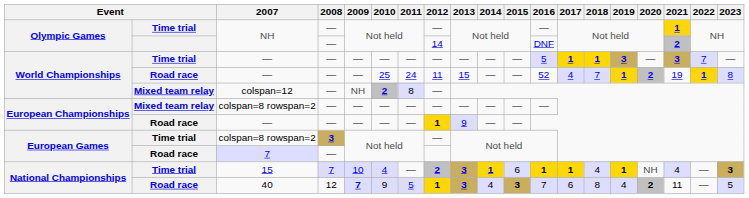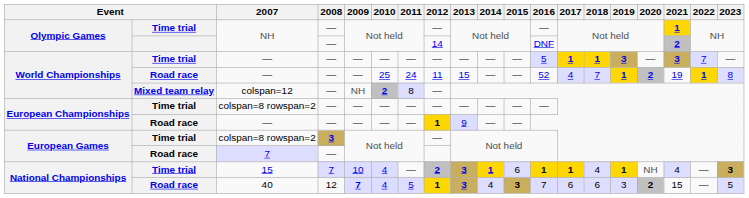 <table class="wikitable plainrowheaders">
 <tr style="background:#EEEEEE;">
 <th scope="col" colspan=2>Event</th>
 <th>2007</th>
 <th>2008</th>
 <th>2009</th>
 <th>2010</th>
 <th>2011</th>
 <th>2012</th>
 <th>2013</th>
 <th>2014</th>
 <th>2015</th>
 <th>2016</th>
 <th>2017</th>
 <th>2018</th>
 <th>2019</th>
 <th>2020</th>
 <th>2021</th>
 <th>2022</th>
 <th>2023</th>
 </tr>
 <tr style="text-align:center;">
 <th scope="row" rowspan=2> <a href='#'>Olympic Games</a></th>
 <th scope="row"><a href='#'>Time trial</a></th>
 <td style="color:#4d4d4d;" rowspan=2>NH</td>
 <td>—</td>
 <td style="color:#4d4d4d;" colspan=3 rowspan=2>Not held</td>
 <td>—</td>
 <td style="color:#4d4d4d;" colspan=3 rowspan=2>Not held</td>
 <td>—</td>
 <td style="color:#4d4d4d;" colspan=4 rowspan=2>Not held</td>
 <td style="background:gold;"><a href='#'><strong>1</strong></a></td>
 <td style="color:#4d4d4d;" colspan=2 rowspan=2>NH</td>
 </tr>
 <tr style="text-align:center;">
 <th scope="row"></th>
 <td>—</td>
 <td><a href='#'>14</a></td>
 <td><a href='#'>DNF</a></td>
 <th style="background:#C0C0C0;"><a href='#'>2</a></th>
 </tr>
 <tr style="text-align:center;">
 <th scope="row" rowspan=3> <a href='#'>World Championships</a></th>
 <th scope="row"><a href='#'>Time trial</a></th>
 <td>—</td>
 <td>—</td>
 <td>—</td>
 <td>—</td>
 <td>—</td>
 <td>—</td>
 <td>—</td>
 <td>—</td>
 <td>—</td>
 <td style="background:#ddf;"><a href='#'>5</a></td>
 <th style="background:gold;"><a href='#'>1</a></th>
 <th style="background:gold;"><a href='#'>1</a></th>
 <th style="background:#C9AE5D;"><a href='#'>3</a></th>
 <td>—</td>
 <th style="background:#C9AE5D;"><a href='#'>3</a></th>
 <td style="background:#ddf;"><a href='#'>7</a></td>
 <td>—</td>
 </tr>
 <tr style="text-align:center;">
 <th scope="row"><a href='#'>Road race</a></th>
 <td>—</td>
 <td>—</td>
 <td>—</td>
 <td><a href='#'>25</a></td>
 <td><a href='#'>24</a></td>
 <td><a href='#'>11</a></td>
 <td><a href='#'>15</a></td>
 <td>—</td>
 <td>—</td>
 <td><a href='#'>52</a></td>
 <td style="background:#ddf;"><a href='#'>4</a></td>
 <td style="background:#ddf;"><a href='#'>7</a></td>
 <th style="background:gold;"><a href='#'>1</a></th>
 <th style="background:silver;"><a href='#'>2</a></th>
 <td><a href='#'>19</a></td>
 <th style="background:gold;"><a href='#'>1</a></th>
 <td style="background:#ddf;"><a href='#'>8</a></td>
 </tr>
 <tr style="text-align:center;">
 <th scope="row"><a href='#'>Mixed team relay</a></th>
 <td>colspan=12 </td>
 <td>—</td>
 <td style="color:#4d4d4d;">NH</td>
 <th style="background:silver;"><a href='#'>2</a></th>
 <td style="background:#ddf;">8</td>
 <td>—</td>
 </tr>
 <tr style="text-align:center;">
 <th scope="row" rowspan=2> <a href='#'>European Championships</a></th>
-<th scope="row"><a href='#'>Mixed team relay</a></th>
+<th scope="row">Time trial</th>
 <td>colspan=8 rowspan=2 </td>
 <td>—</td>
 <td>—</td>
 <td>—</td>
 <td>—</td>
 <td>—</td>
 <td>—</td>
 <td>—</td>
 <td>—</td>
 <td>—</td>
 </tr>
 <tr style="text-align:center;">
 <th scope="row">Road race</th>
 <td>—</td>
 <td>—</td>
 <td>—</td>
 <td>—</td>
 <td>—</td>
 <td style="background:gold;"><strong>1</strong></td>
 <td style="background:#ddf;"><a href='#'>9</a></td>
 <td>—</td>
 <td>—</td>
 </tr>
 <tr style="text-align:center;">
 <th scope="row" rowspan=2> <a href='#'>European Games</a></th>
 <th scope="row">Time trial</th>
 <td>colspan=8 rowspan=2 </td>
 <td style="background:#C9AE5D;"><a href='#'><strong>3</strong></a></td>
 <td style="color:#4d4d4d;" colspan=3 rowspan=2>Not held</td>
 <td>—</td>
 <td style="color:#4d4d4d;" colspan=4 rowspan=2>Not held</td>
 </tr>
 <tr style="text-align:center;">
 <th scope="row">Road race</th>
 <td style="background:#ddf;"><a href='#'>7</a></td>
 <td>—</td>
 </tr>
 <tr style="text-align:center;">
 <th scope="row" rowspan=2> <a href='#'>National Championships</a></th>
 <th scope="row"><a href='#'>Time trial</a></th>
 <td><a href='#'>15</a></td>
 <td style="background:#ddf;"><a href='#'>7</a></td>
 <td style="background:#ddf;"><a href='#'>10</a></td>
 <td style="background:#ddf;"><a href='#'>4</a></td>
 <td>—</td>
 <th style="background:silver;"><a href='#'>2</a></th>
 <th style="background:#C9AE5D;"><a href='#'>3</a></th>
 <th style="background:gold;"><a href='#'>1</a></th>
 <td style="background:#ddf;">6</td>
 <th style="background:gold;">1</th>
 <th style="background:gold;">1</th>
 <td style="background:#ddf;">4</td>
 <th style="background:gold;">1</th>
 <td style="color:#4d4d4d;">NH</td>
 <td style="background:#ddf;">4</td>
 <td>—</td>
 <th style="background:#C9AE5D;">3</th>
 </tr>
 <tr style="text-align:center;">
 <th scope="row"><a href='#'>Road race</a></th>
 <td>40</td>
 <td>12</td>
 <td style="background:#ddf;"><strong><a href='#'>7</a></strong></td>
-<td style="background:#ddf;">9</td>
+<td style="background:#ddf;"><a href='#'>4</a></td>
 <td style="background:#ddf;"><a href='#'>5</a></td>
 <th style="background:gold;">1</th>
 <th style="background:#C9AE5D;"><a href='#'>3</a></th>
 <td style="background:#ddf;">4</td>
 <th style="background:#C9AE5D;">3</th>
 <td style="background:#ddf;">7</td>
 <td style="background:#ddf;">6</td>
-<td style="background:#ddf;">8</td>
-<td style="background:#ddf;">4</td>
+<td style="background:#ddf;">6</td>
+<td style="background:#ddf;">3</td>
 <th style="background:silver;">2</th>
-<td>11</td>
+<td>15</td>
 <td>—</td>
 <td style="background:#ddf;">5</td>
 </tr>
 </table>
